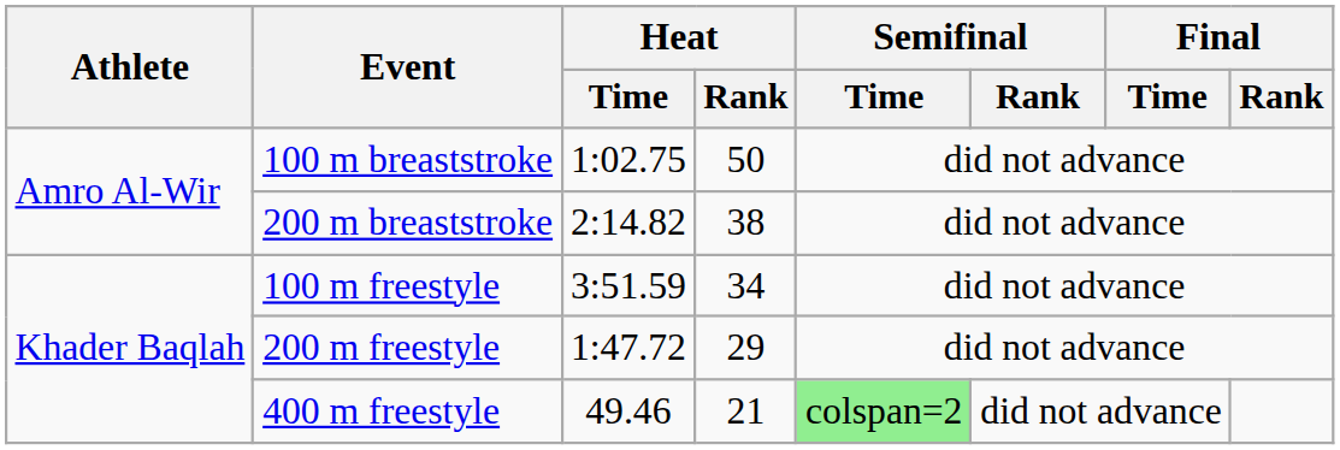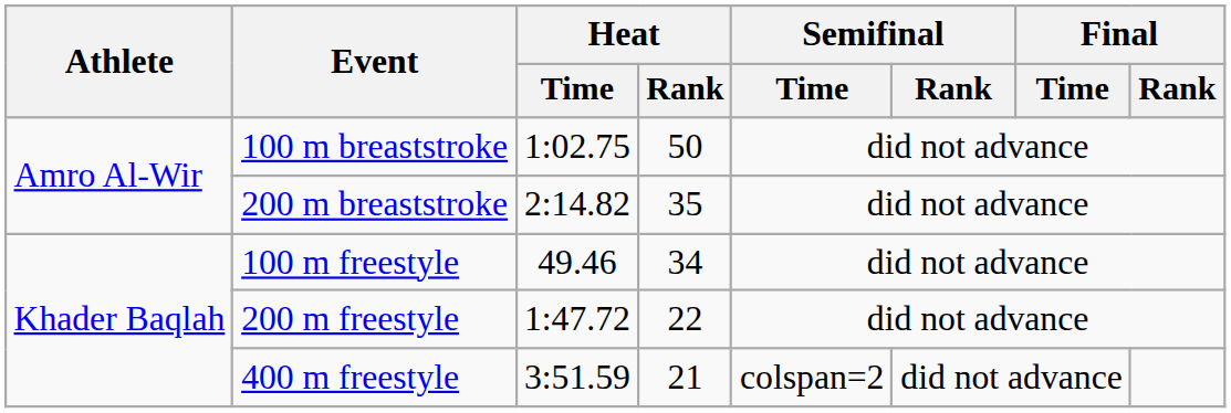 <table class="wikitable" style="text-align:center; font-size:90%">
 <tr>
 <th rowspan="2">Athlete</th>
 <th rowspan="2">Event</th>
 <th colspan="2">Heat</th>
 <th colspan="2">Semifinal</th>
 <th colspan="2">Final</th>
 </tr>
 <tr style="font-size:95%">
 <th>Time</th>
 <th>Rank</th>
 <th>Time</th>
 <th>Rank</th>
 <th>Time</th>
 <th>Rank</th>
 </tr>
 <tr>
 <td align=left rowspan=2><a href='#'>Amro Al-Wir</a></td>
 <td align=left><a href='#'>100 m breaststroke</a></td>
 <td>1:02.75</td>
 <td>50</td>
 <td colspan=4>did not advance</td>
 </tr>
 <tr>
 <td align=left><a href='#'>200 m breaststroke</a></td>
 <td>2:14.82</td>
-<td>38</td>
+<td>35</td>
 <td colspan=4>did not advance</td>
 </tr>
 <tr>
 <td align=left rowspan=3><a href='#'>Khader Baqlah</a></td>
 <td align=left><a href='#'>100 m freestyle</a></td>
-<td>3:51.59</td>
+<td>49.46</td>
 <td>34</td>
 <td colspan=4>did not advance</td>
 </tr>
 <tr>
 <td align=left><a href='#'>200 m freestyle</a></td>
 <td>1:47.72</td>
-<td>29</td>
+<td>22</td>
 <td colspan=4>did not advance</td>
 </tr>
 <tr>
 <td align=left><a href='#'>400 m freestyle</a></td>
-<td>49.46</td>
+<td>3:51.59</td>
 <td>21</td>
-<td style="background: lightgreen;">colspan=2 </td>
+<td>colspan=2 </td>
 <td colspan=2>did not advance</td>
 </tr>
 </table>
